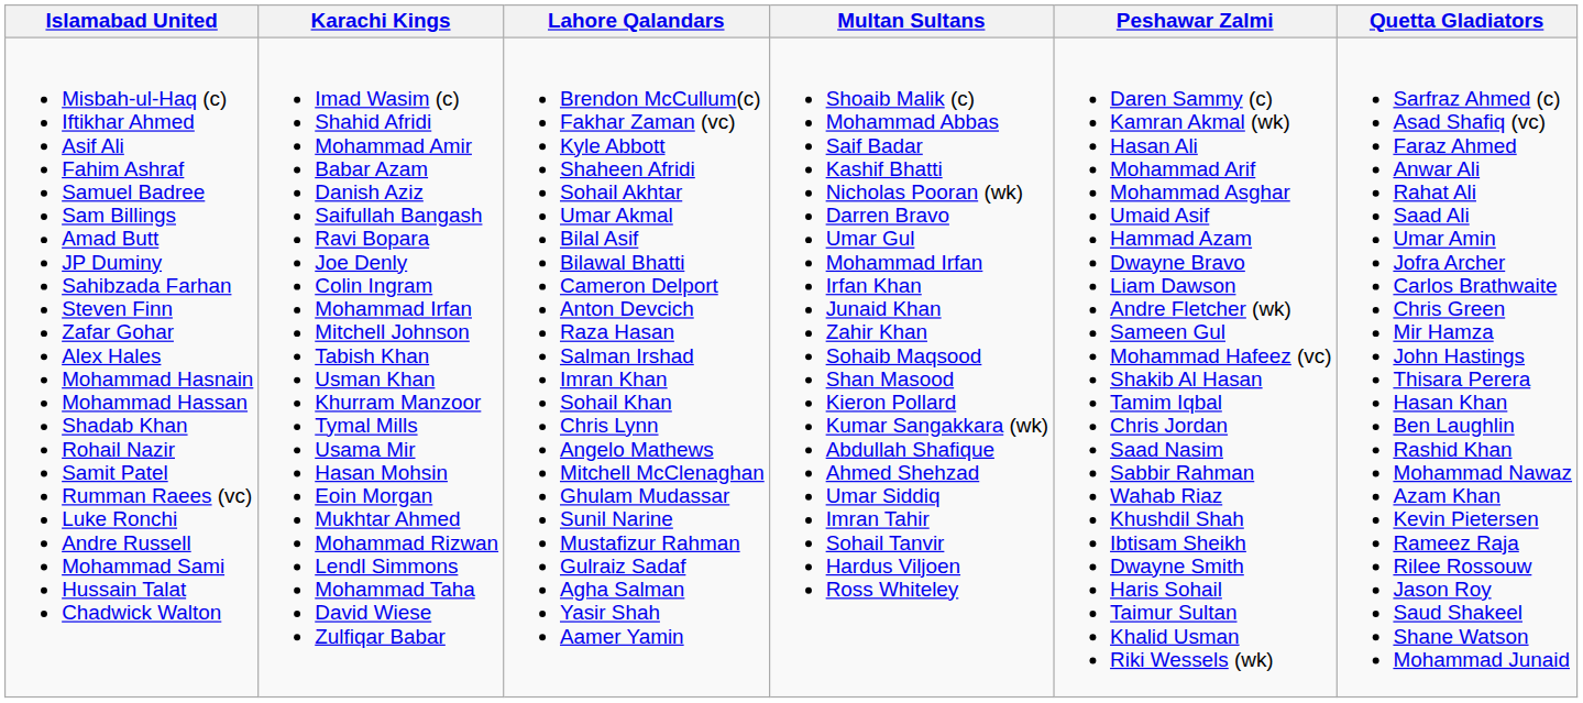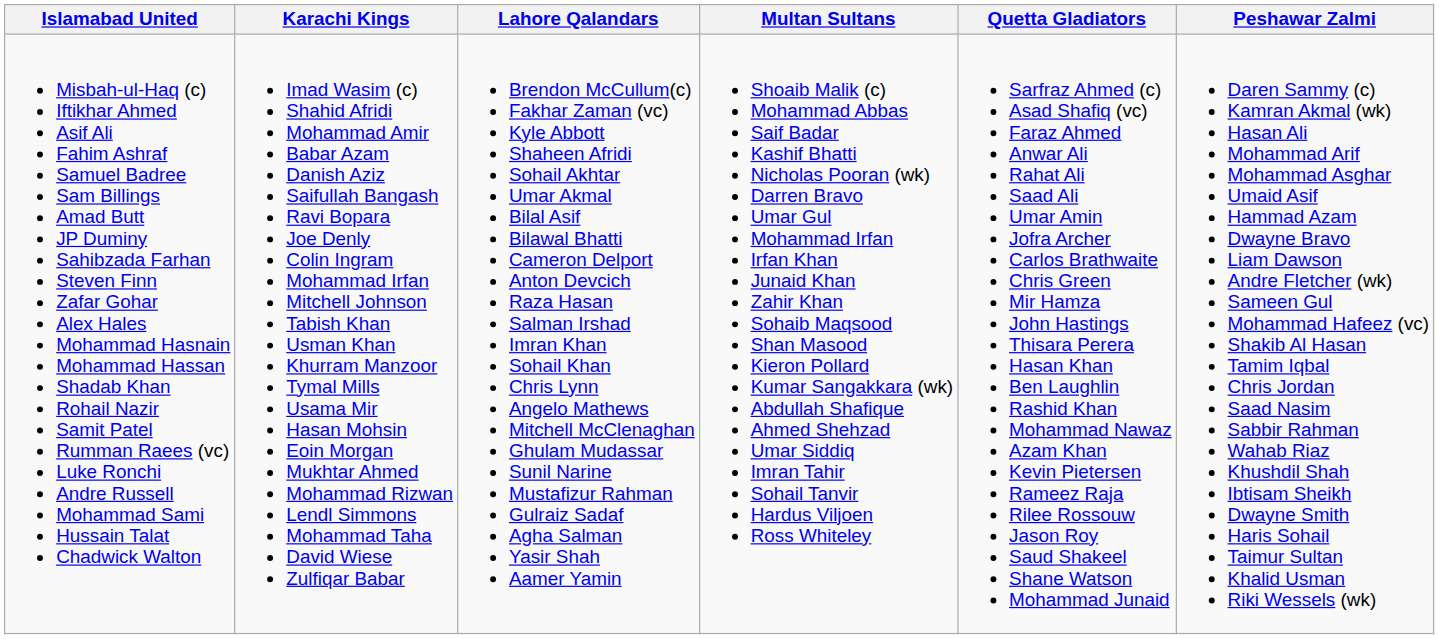 <table class="wikitable">
 <tr>
 <th><a href='#'>Islamabad United</a></th>
 <th><a href='#'>Karachi Kings</a></th>
 <th><a href='#'>Lahore Qalandars</a></th>
 <th><a href='#'>Multan Sultans</a></th>
+<th><a href='#'>Quetta Gladiators</a></th>
 <th><a href='#'>Peshawar Zalmi</a></th>
-<th><a href='#'>Quetta Gladiators</a></th>
 </tr>
 <tr>
 <td valign=top><br><ul><li><a href='#'>Misbah-ul-Haq</a> (c)</li><li><a href='#'>Iftikhar Ahmed</a></li><li><a href='#'>Asif Ali</a></li><li><a href='#'>Fahim Ashraf</a></li><li><a href='#'>Samuel Badree</a></li><li><a href='#'>Sam Billings</a></li><li><a href='#'>Amad Butt</a></li><li><a href='#'>JP Duminy</a></li><li><a href='#'>Sahibzada Farhan</a></li><li><a href='#'>Steven Finn</a></li><li><a href='#'>Zafar Gohar</a></li><li><a href='#'>Alex Hales</a></li><li><a href='#'>Mohammad Hasnain</a></li><li><a href='#'>Mohammad Hassan</a></li><li><a href='#'>Shadab Khan</a></li><li><a href='#'>Rohail Nazir</a></li><li><a href='#'>Samit Patel</a></li><li><a href='#'>Rumman Raees</a> (vc)</li><li><a href='#'>Luke Ronchi</a></li><li><a href='#'>Andre Russell</a></li><li><a href='#'>Mohammad Sami</a></li><li><a href='#'>Hussain Talat</a></li><li><a href='#'>Chadwick Walton</a></li></ul></td>
 <td valign=top><br><ul><li><a href='#'>Imad Wasim</a> (c)</li><li><a href='#'>Shahid Afridi</a></li><li><a href='#'>Mohammad Amir</a></li><li><a href='#'>Babar Azam</a></li><li><a href='#'>Danish Aziz</a></li><li><a href='#'>Saifullah Bangash</a></li><li><a href='#'>Ravi Bopara</a></li><li><a href='#'>Joe Denly</a></li><li><a href='#'>Colin Ingram</a></li><li><a href='#'>Mohammad Irfan</a></li><li><a href='#'>Mitchell Johnson</a></li><li><a href='#'>Tabish Khan</a></li><li><a href='#'>Usman Khan</a></li><li><a href='#'>Khurram Manzoor</a></li><li><a href='#'>Tymal Mills</a></li><li><a href='#'>Usama Mir</a></li><li><a href='#'>Hasan Mohsin</a></li><li><a href='#'>Eoin Morgan</a></li><li><a href='#'>Mukhtar Ahmed</a></li><li><a href='#'>Mohammad Rizwan</a></li><li><a href='#'>Lendl Simmons</a></li><li><a href='#'>Mohammad Taha</a></li><li><a href='#'>David Wiese</a></li><li><a href='#'>Zulfiqar Babar</a></li></ul></td>
 <td valign=top><br><ul><li><a href='#'>Brendon McCullum</a>(c)</li><li><a href='#'>Fakhar Zaman</a> (vc)</li><li><a href='#'>Kyle Abbott</a></li><li><a href='#'>Shaheen Afridi</a></li><li><a href='#'>Sohail Akhtar</a></li><li><a href='#'>Umar Akmal</a></li><li><a href='#'>Bilal Asif</a></li><li><a href='#'>Bilawal Bhatti</a></li><li><a href='#'>Cameron Delport</a></li><li><a href='#'>Anton Devcich</a></li><li><a href='#'>Raza Hasan</a></li><li><a href='#'>Salman Irshad</a></li><li><a href='#'>Imran Khan</a></li><li><a href='#'>Sohail Khan</a></li><li><a href='#'>Chris Lynn</a></li><li><a href='#'>Angelo Mathews</a></li><li><a href='#'>Mitchell McClenaghan</a></li><li><a href='#'>Ghulam Mudassar</a></li><li><a href='#'>Sunil Narine</a></li><li><a href='#'>Mustafizur Rahman</a></li><li><a href='#'>Gulraiz Sadaf</a></li><li><a href='#'>Agha Salman</a></li><li><a href='#'>Yasir Shah</a></li><li><a href='#'>Aamer Yamin</a></li></ul></td>
 <td valign=top><br><ul><li><a href='#'>Shoaib Malik</a> (c)</li><li><a href='#'>Mohammad Abbas</a></li><li><a href='#'>Saif Badar</a></li><li><a href='#'>Kashif Bhatti</a></li><li><a href='#'>Nicholas Pooran</a> (wk)</li><li><a href='#'>Darren Bravo</a></li><li><a href='#'>Umar Gul</a></li><li><a href='#'>Mohammad Irfan</a></li><li><a href='#'>Irfan Khan</a></li><li><a href='#'>Junaid Khan</a></li><li><a href='#'>Zahir Khan</a></li><li><a href='#'>Sohaib Maqsood</a></li><li><a href='#'>Shan Masood</a></li><li><a href='#'>Kieron Pollard</a></li><li><a href='#'>Kumar Sangakkara</a> (wk)</li><li><a href='#'>Abdullah Shafique</a></li><li><a href='#'>Ahmed Shehzad</a></li><li><a href='#'>Umar Siddiq</a></li><li><a href='#'>Imran Tahir</a></li><li><a href='#'>Sohail Tanvir</a></li><li><a href='#'>Hardus Viljoen</a></li><li><a href='#'>Ross Whiteley</a></li></ul></td>
+<td valign=top><br><ul><li><a href='#'>Sarfraz Ahmed</a> (c)</li><li><a href='#'>Asad Shafiq</a> (vc)</li><li><a href='#'>Faraz Ahmed</a></li><li><a href='#'>Anwar Ali</a></li><li><a href='#'>Rahat Ali</a></li><li><a href='#'>Saad Ali</a></li><li><a href='#'>Umar Amin</a></li><li><a href='#'>Jofra Archer</a></li><li><a href='#'>Carlos Brathwaite</a></li><li><a href='#'>Chris Green</a></li><li><a href='#'>Mir Hamza</a></li><li><a href='#'>John Hastings</a></li><li><a href='#'>Thisara Perera</a></li><li><a href='#'>Hasan Khan</a></li><li><a href='#'>Ben Laughlin</a></li><li><a href='#'>Rashid Khan</a></li><li><a href='#'>Mohammad Nawaz</a></li><li><a href='#'>Azam Khan</a></li><li><a href='#'>Kevin Pietersen</a></li><li><a href='#'>Rameez Raja</a></li><li><a href='#'>Rilee Rossouw</a></li><li><a href='#'>Jason Roy</a></li><li><a href='#'>Saud Shakeel</a></li><li><a href='#'>Shane Watson</a></li><li><a href='#'>Mohammad Junaid</a></li></ul></td>
 <td valign=top><br><ul><li><a href='#'>Daren Sammy</a> (c)</li><li><a href='#'>Kamran Akmal</a> (wk)</li><li><a href='#'>Hasan Ali</a></li><li><a href='#'>Mohammad Arif</a></li><li><a href='#'>Mohammad Asghar</a></li><li><a href='#'>Umaid Asif</a></li><li><a href='#'>Hammad Azam</a></li><li><a href='#'>Dwayne Bravo</a></li><li><a href='#'>Liam Dawson</a></li><li><a href='#'>Andre Fletcher</a> (wk)</li><li><a href='#'>Sameen Gul</a></li><li><a href='#'>Mohammad Hafeez</a> (vc)</li><li><a href='#'>Shakib Al Hasan</a></li><li><a href='#'>Tamim Iqbal</a></li><li><a href='#'>Chris Jordan</a></li><li><a href='#'>Saad Nasim</a></li><li><a href='#'>Sabbir Rahman</a></li><li><a href='#'>Wahab Riaz</a></li><li><a href='#'>Khushdil Shah</a></li><li><a href='#'>Ibtisam Sheikh</a></li><li><a href='#'>Dwayne Smith</a></li><li><a href='#'>Haris Sohail</a></li><li><a href='#'>Taimur Sultan</a></li><li><a href='#'>Khalid Usman</a></li><li><a href='#'>Riki Wessels</a> (wk)</li></ul></td>
-<td valign=top><br><ul><li><a href='#'>Sarfraz Ahmed</a> (c)</li><li><a href='#'>Asad Shafiq</a> (vc)</li><li><a href='#'>Faraz Ahmed</a></li><li><a href='#'>Anwar Ali</a></li><li><a href='#'>Rahat Ali</a></li><li><a href='#'>Saad Ali</a></li><li><a href='#'>Umar Amin</a></li><li><a href='#'>Jofra Archer</a></li><li><a href='#'>Carlos Brathwaite</a></li><li><a href='#'>Chris Green</a></li><li><a href='#'>Mir Hamza</a></li><li><a href='#'>John Hastings</a></li><li><a href='#'>Thisara Perera</a></li><li><a href='#'>Hasan Khan</a></li><li><a href='#'>Ben Laughlin</a></li><li><a href='#'>Rashid Khan</a></li><li><a href='#'>Mohammad Nawaz</a></li><li><a href='#'>Azam Khan</a></li><li><a href='#'>Kevin Pietersen</a></li><li><a href='#'>Rameez Raja</a></li><li><a href='#'>Rilee Rossouw</a></li><li><a href='#'>Jason Roy</a></li><li><a href='#'>Saud Shakeel</a></li><li><a href='#'>Shane Watson</a></li><li><a href='#'>Mohammad Junaid</a></li></ul></td>
 </tr>
 </table>
